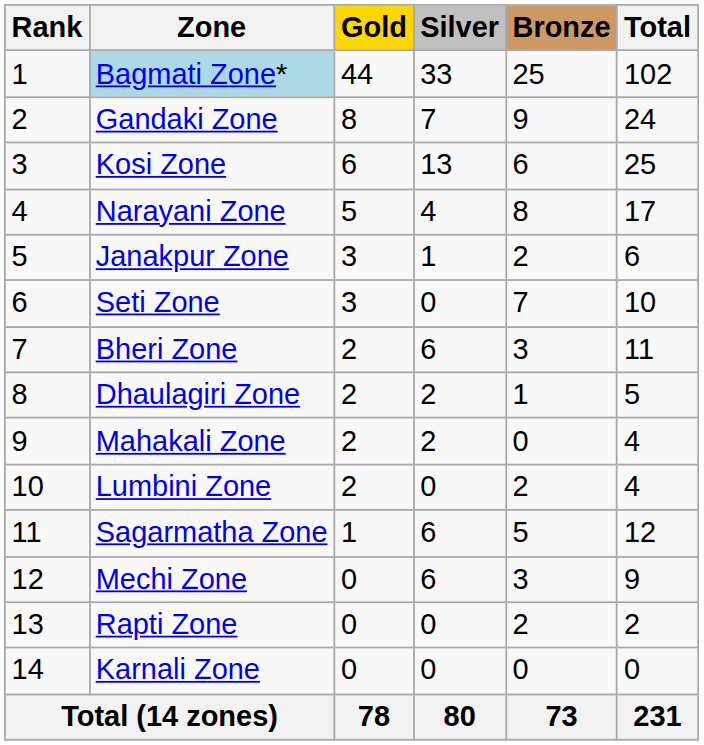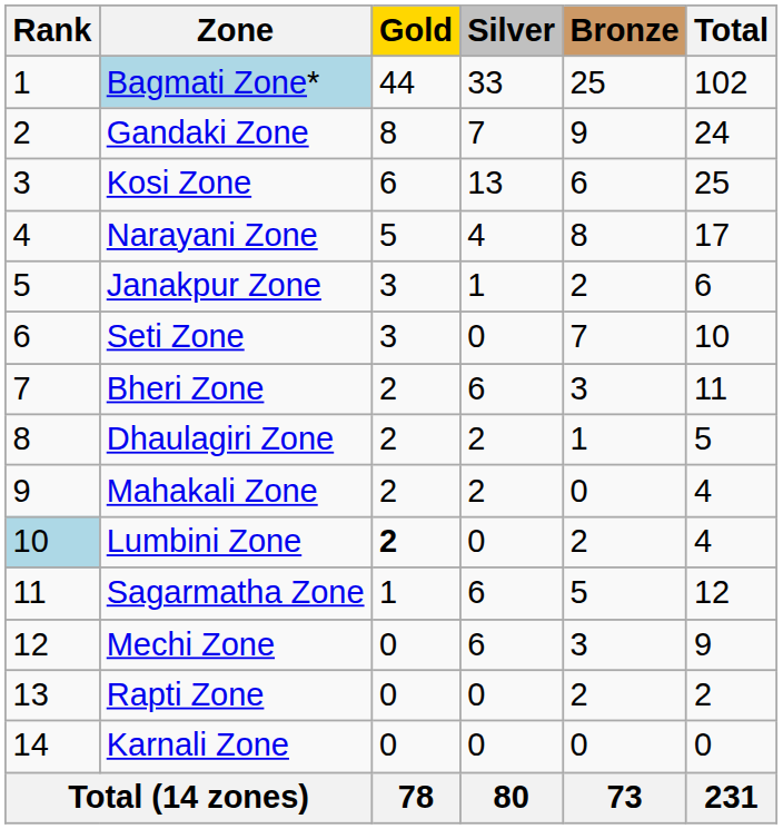 <table class="wikitable sortable">
 <tr>
 <th>Rank</th>
 <th>Zone</th>
 <th style="background:gold">Gold</th>
 <th style="background:silver">Silver</th>
 <th style="background:#cc9966">Bronze</th>
 <th>Total</th>
 </tr>
 <tr>
 <td>1</td>
 <td style="background:lightblue"><a href='#'>Bagmati Zone</a>*</td>
 <td>44</td>
 <td>33</td>
 <td>25</td>
 <td>102</td>
 </tr>
 <tr>
 <td>2</td>
 <td><a href='#'>Gandaki Zone</a></td>
 <td>8</td>
 <td>7</td>
 <td>9</td>
 <td>24</td>
 </tr>
 <tr>
 <td>3</td>
 <td><a href='#'>Kosi Zone</a></td>
 <td>6</td>
 <td>13</td>
 <td>6</td>
 <td>25</td>
 </tr>
 <tr>
 <td>4</td>
 <td><a href='#'>Narayani Zone</a></td>
 <td>5</td>
 <td>4</td>
 <td>8</td>
 <td>17</td>
 </tr>
 <tr>
 <td>5</td>
 <td><a href='#'>Janakpur Zone</a></td>
 <td>3</td>
 <td>1</td>
 <td>2</td>
 <td>6</td>
 </tr>
 <tr>
 <td>6</td>
 <td><a href='#'>Seti Zone</a></td>
 <td>3</td>
 <td>0</td>
 <td>7</td>
 <td>10</td>
 </tr>
 <tr>
 <td>7</td>
 <td><a href='#'>Bheri Zone</a></td>
 <td>2</td>
 <td>6</td>
 <td>3</td>
 <td>11</td>
 </tr>
 <tr>
 <td>8</td>
 <td><a href='#'>Dhaulagiri Zone</a></td>
 <td>2</td>
 <td>2</td>
 <td>1</td>
 <td>5</td>
 </tr>
 <tr>
 <td>9</td>
 <td><a href='#'>Mahakali Zone</a></td>
 <td>2</td>
 <td>2</td>
 <td>0</td>
 <td>4</td>
 </tr>
 <tr>
-<td>10</td>
+<td style="background: lightblue;">10</td>
 <td><a href='#'>Lumbini Zone</a></td>
-<td>2</td>
+<td><strong>2</strong></td>
 <td>0</td>
 <td>2</td>
 <td>4</td>
 </tr>
 <tr>
 <td>11</td>
 <td><a href='#'>Sagarmatha Zone</a></td>
 <td>1</td>
 <td>6</td>
 <td>5</td>
 <td>12</td>
 </tr>
 <tr>
 <td>12</td>
 <td><a href='#'>Mechi Zone</a></td>
 <td>0</td>
 <td>6</td>
 <td>3</td>
 <td>9</td>
 </tr>
 <tr>
 <td>13</td>
 <td><a href='#'>Rapti Zone</a></td>
 <td>0</td>
 <td>0</td>
 <td>2</td>
 <td>2</td>
 </tr>
 <tr>
 <td>14</td>
 <td><a href='#'>Karnali Zone</a></td>
 <td>0</td>
 <td>0</td>
 <td>0</td>
 <td>0</td>
 </tr>
 <tr>
 <th colspan="2">Total (14 zones)</th>
 <th>78</th>
 <th>80</th>
 <th>73</th>
 <th>231</th>
 </tr>
 </table>
